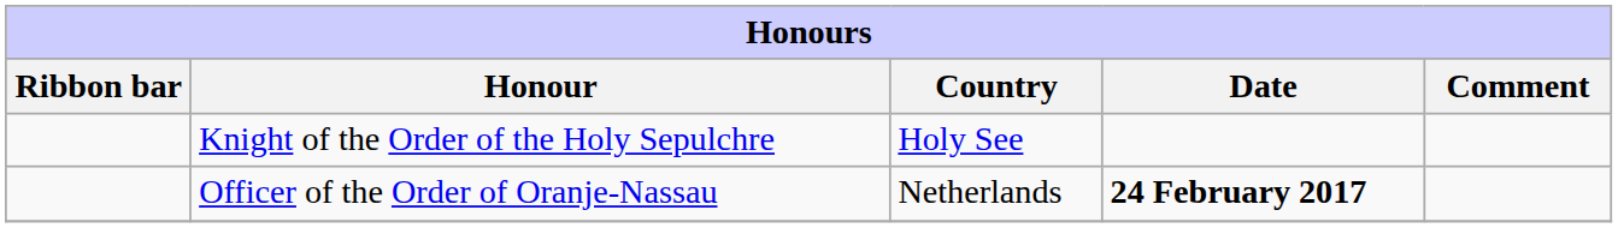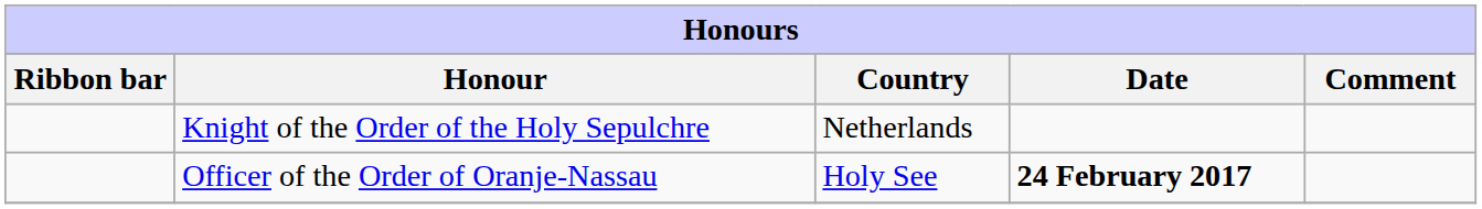 <table class="wikitable" style="width:60%;">
 <tr style="background:#ccf; text-align:center;">
 <td colspan=5><strong>Honours</strong></td>
 </tr>
 <tr>
 <th style="width:80px;">Ribbon bar</th>
 <th>Honour</th>
 <th>Country</th>
 <th>Date</th>
 <th>Comment</th>
 </tr>
 <tr>
 <td></td>
 <td><a href='#'>Knight</a> of the <a href='#'>Order of the Holy Sepulchre</a></td>
-<td><a href='#'>Holy See</a></td>
+<td>Netherlands</td>
 <td></td>
 <td></td>
 </tr>
 <tr>
 <td></td>
 <td><a href='#'>Officer</a> of the <a href='#'>Order of Oranje-Nassau</a></td>
-<td>Netherlands</td>
+<td><a href='#'>Holy See</a></td>
 <td><strong>24 February 2017</strong></td>
 <td></td>
 </tr>
 <tr>
 </tr>
 </table>
